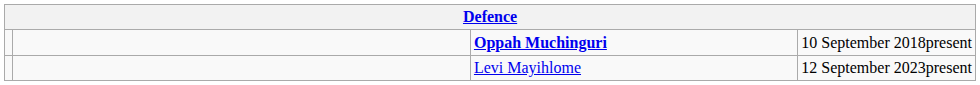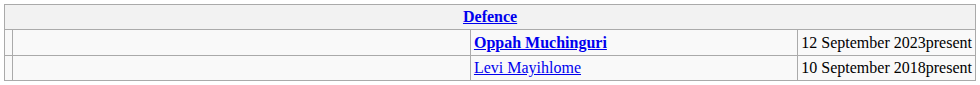 <table class="wikitable">
 <tr>
 <th colspan="4"><a href='#'>Defence</a></th>
 </tr>
 <tr>
 <td></td>
 <td style="width: 450px;"></td>
 <td style="width: 320px;"> <strong><a href='#'>Oppah Muchinguri</a></strong></td>
-<td>10 September 2018present</td>
+<td>12 September 2023present</td>
 </tr>
 <tr>
 <td style="width: 1px; background: "></td>
 <td style="width: 450px;"></td>
 <td style="width: 320px;"> <a href='#'>Levi Mayihlome</a></td>
-<td>12 September 2023present</td>
+<td>10 September 2018present</td>
 </tr>
 </table>
